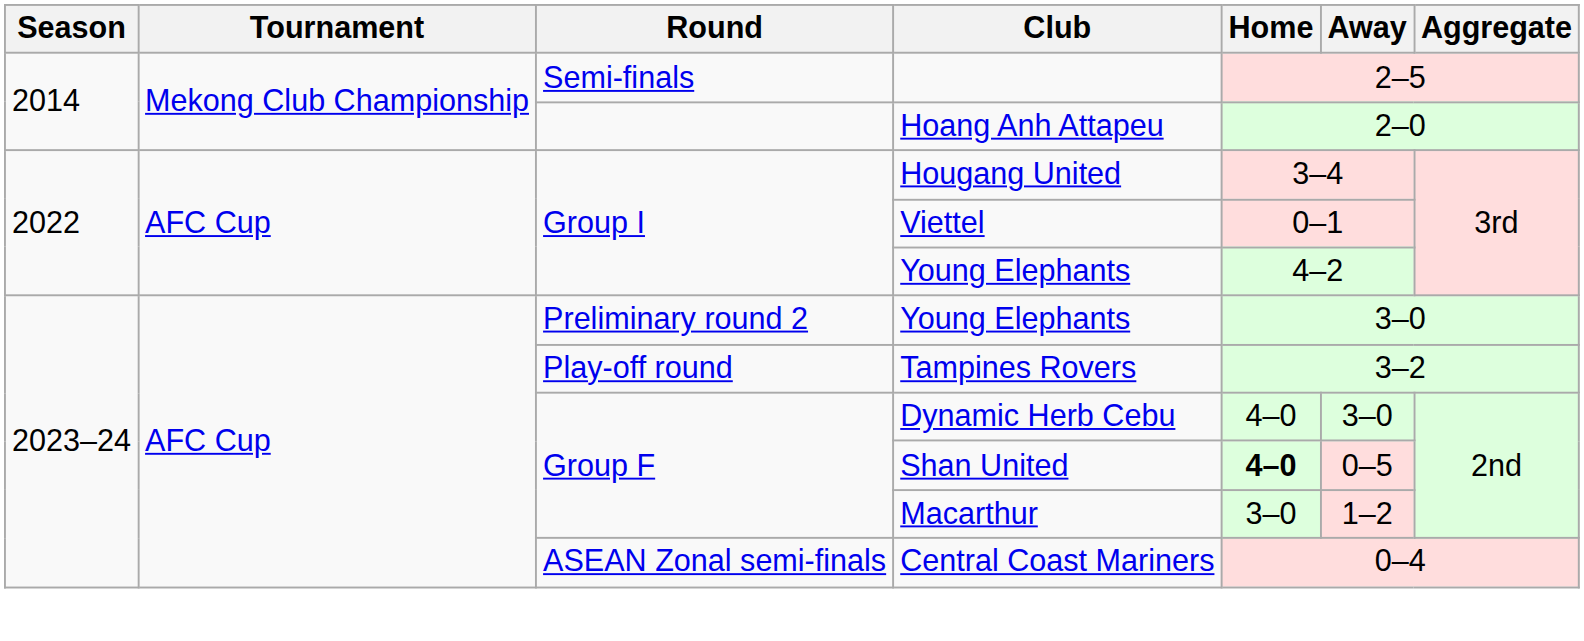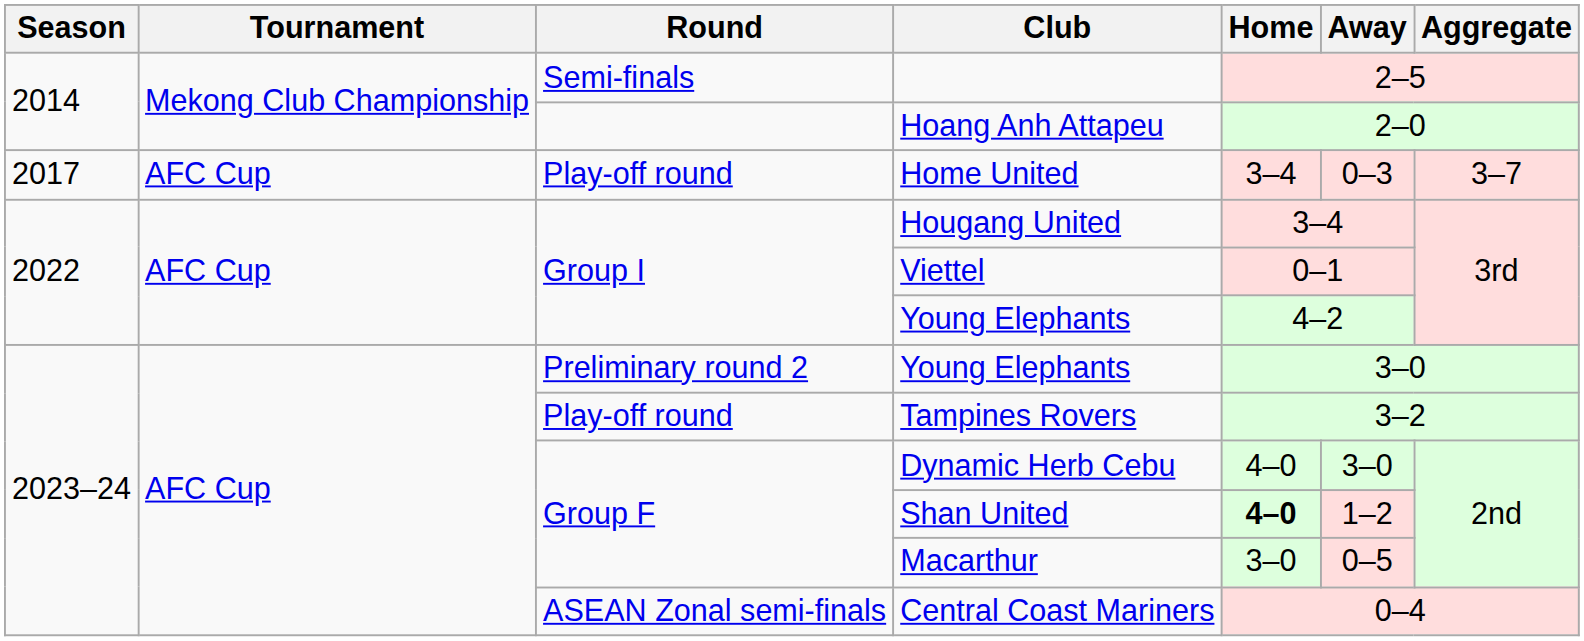 <table class="wikitable">
 <tr>
 <th>Season</th>
 <th>Tournament</th>
 <th>Round</th>
 <th>Club</th>
 <th>Home</th>
 <th>Away</th>
 <th>Aggregate</th>
 </tr>
 <tr>
 <td rowspan="2">2014</td>
 <td rowspan="2"><a href='#'>Mekong Club Championship</a></td>
 <td><a href='#'>Semi-finals</a></td>
 <td></td>
 <td colspan="3" style="text-align:center; background:#fdd;">2–5</td>
 </tr>
 <tr>
 <td></td>
 <td> <a href='#'>Hoang Anh Attapeu</a></td>
 <td colspan="3" style="text-align:center; background:#dfd;">2–0</td>
+</tr>
+<tr>
+<td>2017</td>
+<td><a href='#'>AFC Cup</a></td>
+<td><a href='#'>Play-off round</a></td>
+<td> <a href='#'>Home United</a></td>
+<td style="text-align:center; background:#fdd;">3–4</td>
+<td style="text-align:center; background:#fdd;">0–3</td>
+<td style="text-align:center; background:#fdd;">3–7</td>
 </tr>
 <tr>
 <td rowspan="3">2022</td>
 <td rowspan="3"><a href='#'>AFC Cup</a></td>
 <td rowspan="3"><a href='#'>Group I</a></td>
 <td> <a href='#'>Hougang United</a></td>
 <td colspan=2 style="text-align:center; background:#fdd;">3–4</td>
 <td rowspan="3" style="text-align:center; background:#fdd;">3rd</td>
 </tr>
 <tr>
 <td> <a href='#'>Viettel</a></td>
 <td colspan=2 style="text-align:center; background:#fdd;">0–1</td>
 </tr>
 <tr>
 <td> <a href='#'>Young Elephants</a></td>
 <td colspan=2 style="text-align:center; background:#dfd;">4–2</td>
 </tr>
 <tr>
 <td rowspan="6">2023–24</td>
 <td rowspan="6"><a href='#'>AFC Cup</a></td>
 <td><a href='#'>Preliminary round 2</a></td>
 <td> <a href='#'>Young Elephants</a></td>
 <td colspan=3 style="text-align:center; background:#dfd;">3–0</td>
 </tr>
 <tr>
 <td><a href='#'>Play-off round</a></td>
 <td> <a href='#'>Tampines Rovers</a></td>
 <td colspan=3 style="text-align:center; background:#dfd;”">3–2</td>
 </tr>
 <tr>
 <td rowspan="3"><a href='#'>Group F</a></td>
 <td> <a href='#'>Dynamic Herb Cebu</a></td>
 <td style="text-align:center; background:#dfd;">4–0</td>
 <td style="text-align:center; background:#dfd;”">3–0</td>
 <td rowspan="3" style="text-align:center; background:#dfd;">2nd</td>
 </tr>
 <tr>
 <td> <a href='#'>Shan United</a></td>
 <td style="text-align:center; background:#dfd;”"><strong>4–0</strong></td>
-<td style="text-align:center; background:#fdd;">0–5</td>
+<td style="text-align:center; background:#fdd;">1–2</td>
 </tr>
 <tr>
 <td> <a href='#'>Macarthur</a></td>
 <td style="text-align:center; background:#dfd;”">3–0</td>
-<td style="text-align:center; background:#fdd;">1–2</td>
+<td style="text-align:center; background:#fdd;">0–5</td>
 </tr>
 <tr>
 <td><a href='#'>ASEAN Zonal semi-finals</a></td>
 <td> <a href='#'>Central Coast Mariners</a></td>
 <td colspan="3" style="text-align:center; background:#fdd;">0–4</td>
 </tr>
 </table>
